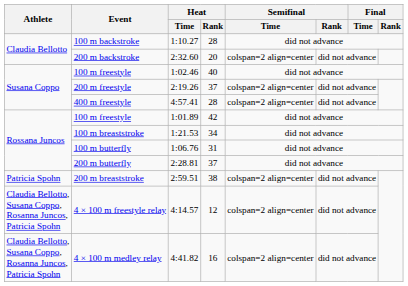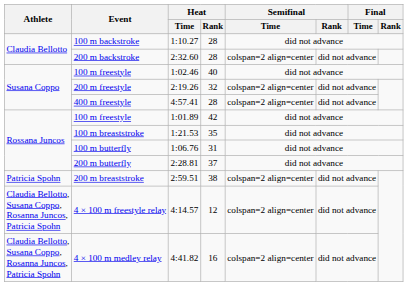 <table class=wikitable style="font-size:90%">
 <tr>
 <th rowspan="2">Athlete</th>
 <th rowspan="2">Event</th>
 <th colspan="2">Heat</th>
 <th colspan="2">Semifinal</th>
 <th colspan="2">Final</th>
 </tr>
 <tr style="font-size:95%">
 <th>Time</th>
 <th>Rank</th>
 <th>Time</th>
 <th>Rank</th>
 <th>Time</th>
 <th>Rank</th>
 </tr>
 <tr>
 <td rowspan=2><a href='#'>Claudia Bellotto</a></td>
 <td><a href='#'>100 m backstroke</a></td>
 <td align="center">1:10.27</td>
 <td align="center">28</td>
 <td align=center colspan=4>did not advance</td>
 </tr>
 <tr>
 <td><a href='#'>200 m backstroke</a></td>
 <td align="center">2:32.60</td>
-<td align="center">20</td>
+<td align="center">28</td>
 <td>colspan=2 align=center </td>
 <td align=center colspan=2>did not advance</td>
 </tr>
 <tr>
 <td rowspan="3"><a href='#'>Susana Coppo</a></td>
 <td><a href='#'>100 m freestyle</a></td>
 <td align="center">1:02.46</td>
 <td align="center">40</td>
 <td align="center" colspan=4>did not advance</td>
 </tr>
 <tr>
 <td><a href='#'>200 m freestyle</a></td>
 <td align="center">2:19.26</td>
-<td align="center">37</td>
+<td align="center">32</td>
 <td>colspan=2 align=center </td>
 <td align="center" colspan=2>did not advance</td>
 </tr>
 <tr>
 <td><a href='#'>400 m freestyle</a></td>
 <td align="center">4:57.41</td>
 <td align="center">28</td>
 <td>colspan=2 align=center </td>
 <td align="center" colspan=2>did not advance</td>
 </tr>
 <tr>
 <td rowspan="4"><a href='#'>Rossana Juncos</a></td>
 <td><a href='#'>100 m freestyle</a></td>
 <td align="center">1:01.89</td>
 <td align="center">42</td>
 <td align="center" colspan=4>did not advance</td>
 </tr>
 <tr>
 <td><a href='#'>100 m breaststroke</a></td>
 <td align="center">1:21.53</td>
-<td align="center">34</td>
+<td align="center">35</td>
 <td align="center" colspan=4>did not advance</td>
 </tr>
 <tr>
 <td><a href='#'>100 m butterfly</a></td>
 <td align="center">1:06.76</td>
 <td align="center">31</td>
 <td align="center" colspan=4>did not advance</td>
 </tr>
 <tr>
 <td><a href='#'>200 m butterfly</a></td>
 <td align="center">2:28.81</td>
 <td align="center">37</td>
 <td align="center" colspan=4>did not advance</td>
 </tr>
 <tr>
 <td><a href='#'>Patricia Spohn</a></td>
 <td><a href='#'>200 m breaststroke</a></td>
 <td align="center">2:59.51</td>
 <td align="center">38</td>
 <td>colspan=2 align=center </td>
 <td align="center" colspan=2>did not advance</td>
 </tr>
 <tr>
 <td><a href='#'>Claudia Bellotto</a>,<br><a href='#'>Susana Coppo</a>,<br><a href='#'>Rosanna Juncos</a>,<br><a href='#'>Patricia Spohn</a></td>
 <td><a href='#'>4 × 100 m freestyle relay</a></td>
 <td align="center">4:14.57</td>
 <td align="center">12</td>
 <td>colspan=2 align=center </td>
 <td align="center" colspan=2>did not advance</td>
 </tr>
 <tr>
 <td><a href='#'>Claudia Bellotto</a>,<br><a href='#'>Susana Coppo</a>,<br><a href='#'>Rosanna Juncos</a>,<br><a href='#'>Patricia Spohn</a></td>
 <td><a href='#'>4 × 100 m medley relay</a></td>
 <td align="center">4:41.82</td>
 <td align="center">16</td>
 <td>colspan=2 align=center </td>
 <td align="center" colspan=2>did not advance</td>
 </tr>
 </table>
